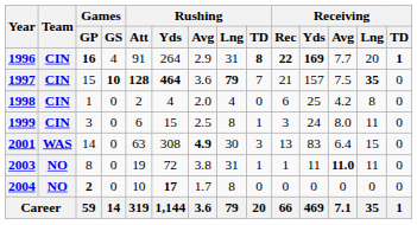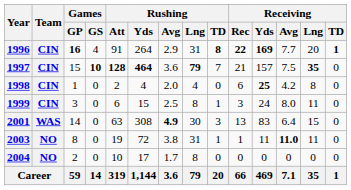 <table class="wikitable" style="text-align:center;">
 <tr>
 <th rowspan="2">Year</th>
 <th rowspan="2">Team</th>
 <th colspan="2">Games</th>
 <th colspan="5">Rushing</th>
 <th colspan="5">Receiving</th>
 </tr>
 <tr>
 <th>GP</th>
 <th>GS</th>
 <th>Att</th>
 <th>Yds</th>
 <th>Avg</th>
 <th>Lng</th>
 <th>TD</th>
 <th>Rec</th>
 <th>Yds</th>
 <th>Avg</th>
 <th>Lng</th>
 <th>TD</th>
 </tr>
 <tr>
 <th><a href='#'>1996</a></th>
 <th><a href='#'>CIN</a></th>
 <td><strong>16</strong></td>
 <td>4</td>
 <td>91</td>
 <td>264</td>
 <td>2.9</td>
 <td>31</td>
 <td><strong>8</strong></td>
 <td><strong>22</strong></td>
 <td><strong>169</strong></td>
 <td>7.7</td>
 <td>20</td>
 <td><strong>1</strong></td>
 </tr>
 <tr>
 <th><a href='#'>1997</a></th>
 <th><a href='#'>CIN</a></th>
 <td>15</td>
 <td><strong>10</strong></td>
 <td><strong>128</strong></td>
 <td><strong>464</strong></td>
 <td>3.6</td>
 <td><strong>79</strong></td>
 <td>7</td>
 <td>21</td>
 <td>157</td>
 <td>7.5</td>
 <td><strong>35</strong></td>
 <td>0</td>
 </tr>
 <tr>
 <th><a href='#'>1998</a></th>
 <th><a href='#'>CIN</a></th>
 <td>1</td>
 <td>0</td>
 <td>2</td>
 <td>4</td>
 <td>2.0</td>
 <td>4</td>
 <td>0</td>
 <td>6</td>
-<td>25</td>
+<td><strong>25</strong></td>
 <td>4.2</td>
 <td>8</td>
 <td>0</td>
 </tr>
 <tr>
 <th><a href='#'>1999</a></th>
 <th><a href='#'>CIN</a></th>
 <td>3</td>
 <td>0</td>
 <td>6</td>
 <td>15</td>
 <td>2.5</td>
 <td>8</td>
 <td>1</td>
 <td>3</td>
 <td>24</td>
 <td>8.0</td>
 <td>11</td>
 <td>0</td>
 </tr>
 <tr>
 <th><a href='#'>2001</a></th>
 <th><a href='#'>WAS</a></th>
 <td>14</td>
 <td>0</td>
 <td>63</td>
 <td>308</td>
 <td><strong>4.9</strong></td>
 <td>30</td>
 <td>3</td>
 <td>13</td>
 <td>83</td>
 <td>6.4</td>
 <td>15</td>
 <td>0</td>
 </tr>
 <tr>
 <th><a href='#'>2003</a></th>
 <th><a href='#'>NO</a></th>
 <td>8</td>
 <td>0</td>
 <td>19</td>
 <td>72</td>
 <td>3.8</td>
 <td>31</td>
 <td>1</td>
 <td>1</td>
 <td>11</td>
 <td><strong>11.0</strong></td>
 <td>11</td>
 <td>0</td>
 </tr>
 <tr>
 <th><a href='#'>2004</a></th>
 <th><a href='#'>NO</a></th>
-<td><strong>2</strong></td>
+<td>2</td>
 <td>0</td>
 <td>10</td>
-<td><strong>17</strong></td>
+<td>17</td>
 <td>1.7</td>
 <td>8</td>
 <td>0</td>
 <td>0</td>
 <td>0</td>
 <td>0</td>
 <td>0</td>
 <td>0</td>
 </tr>
 <tr>
 <th colspan="2">Career</th>
 <th>59</th>
 <th>14</th>
 <th>319</th>
 <th>1,144</th>
 <th>3.6</th>
 <th>79</th>
 <th>20</th>
 <th>66</th>
 <th>469</th>
 <th>7.1</th>
 <th>35</th>
 <th>1</th>
 </tr>
 </table>
